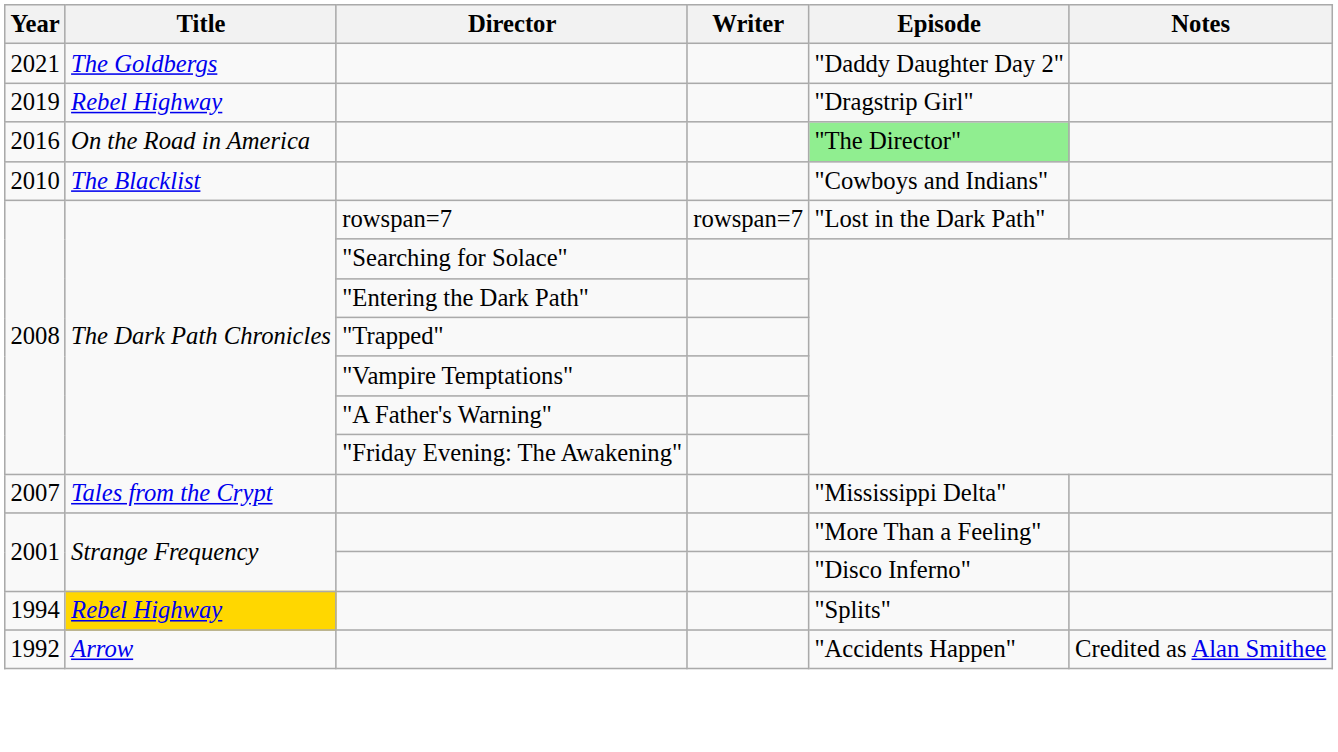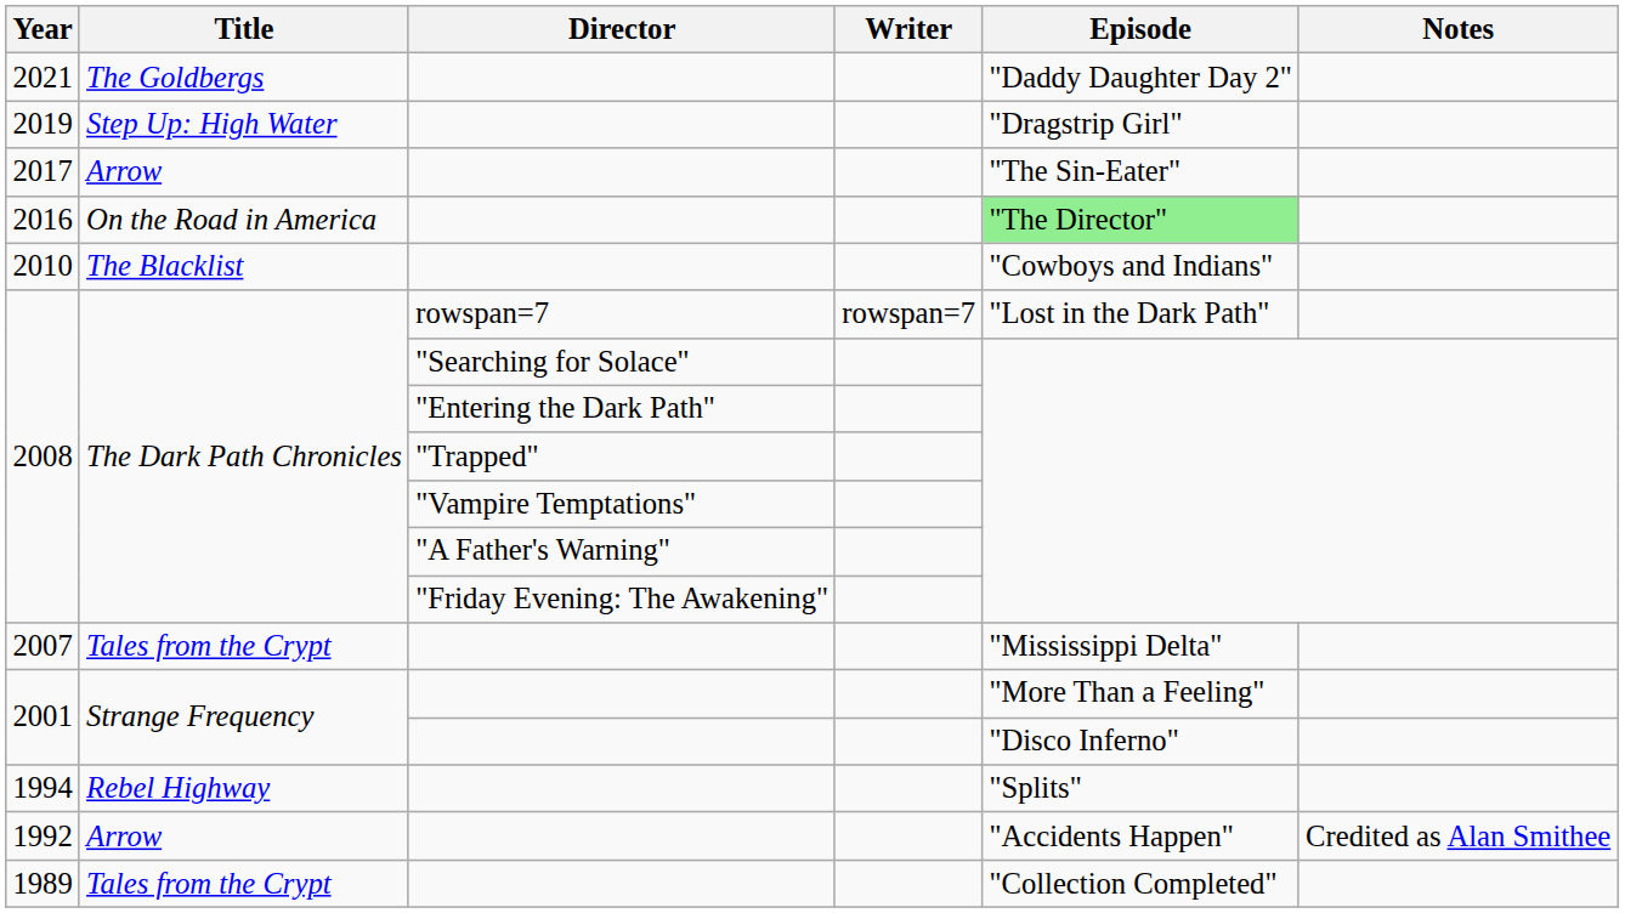 <table class="wikitable">
 <tr>
 <th>Year</th>
 <th>Title</th>
 <th>Director</th>
 <th>Writer</th>
 <th>Episode</th>
 <th>Notes</th>
 </tr>
 <tr>
 <td>2021</td>
 <td><em><a href='#'>The Goldbergs</a></em></td>
 <td></td>
 <td></td>
 <td>"Daddy Daughter Day 2"</td>
 <td></td>
 </tr>
 <tr>
 <td>2019</td>
-<td><em><a href='#'>Rebel Highway</a></em></td>
+<td><em><a href='#'>Step Up: High Water</a></em></td>
 <td></td>
 <td></td>
 <td>"Dragstrip Girl"</td>
+<td></td>
+</tr>
+<tr>
+<td>2017</td>
+<td><em><a href='#'>Arrow</a></em></td>
+<td></td>
+<td></td>
+<td>"The Sin-Eater"</td>
 <td></td>
 </tr>
 <tr>
 <td>2016</td>
 <td><em>On the Road in America</em></td>
 <td></td>
 <td></td>
 <td style="background: lightgreen;">"The Director"</td>
 <td></td>
 </tr>
 <tr>
 <td>2010</td>
 <td><em><a href='#'>The Blacklist</a></em></td>
 <td></td>
 <td></td>
 <td>"Cowboys and Indians"</td>
 <td></td>
 </tr>
 <tr>
 <td rowspan="7">2008</td>
 <td rowspan=7><em>The Dark Path Chronicles</em></td>
 <td>rowspan=7 </td>
 <td>rowspan=7 </td>
 <td>"Lost in the Dark Path"</td>
 <td></td>
 </tr>
 <tr>
 <td>"Searching for Solace"</td>
 <td></td>
 </tr>
 <tr>
 <td>"Entering the Dark Path"</td>
 <td></td>
 </tr>
 <tr>
 <td>"Trapped"</td>
 <td></td>
 </tr>
 <tr>
 <td>"Vampire Temptations"</td>
 <td></td>
 </tr>
 <tr>
 <td>"A Father's Warning"</td>
 <td></td>
 </tr>
 <tr>
 <td>"Friday Evening: The Awakening"</td>
 <td></td>
 </tr>
 <tr>
 <td>2007</td>
 <td><em><a href='#'>Tales from the Crypt</a></em></td>
 <td></td>
 <td></td>
 <td>"Mississippi Delta"</td>
 <td></td>
 </tr>
 <tr>
 <td rowspan="2">2001</td>
 <td rowspan=2><em>Strange Frequency</em></td>
 <td></td>
 <td></td>
 <td>"More Than a Feeling"</td>
 <td></td>
 </tr>
 <tr>
 <td></td>
 <td></td>
 <td>"Disco Inferno"</td>
 <td></td>
 </tr>
 <tr>
 <td>1994</td>
-<td style="background: gold;"><em><a href='#'>Rebel Highway</a></em></td>
+<td><em><a href='#'>Rebel Highway</a></em></td>
 <td></td>
 <td></td>
 <td>"Splits"</td>
 <td></td>
 </tr>
 <tr>
 <td>1992</td>
 <td><em><a href='#'>Arrow</a></em></td>
 <td></td>
 <td></td>
 <td>"Accidents Happen"</td>
 <td>Credited as <a href='#'>Alan Smithee</a></td>
 </tr>
+<tr>
+<td>1989</td>
+<td><em><a href='#'>Tales from the Crypt</a></em></td>
+<td></td>
+<td></td>
+<td>"Collection Completed"</td>
+<td></td>
+</tr>
 </table>
